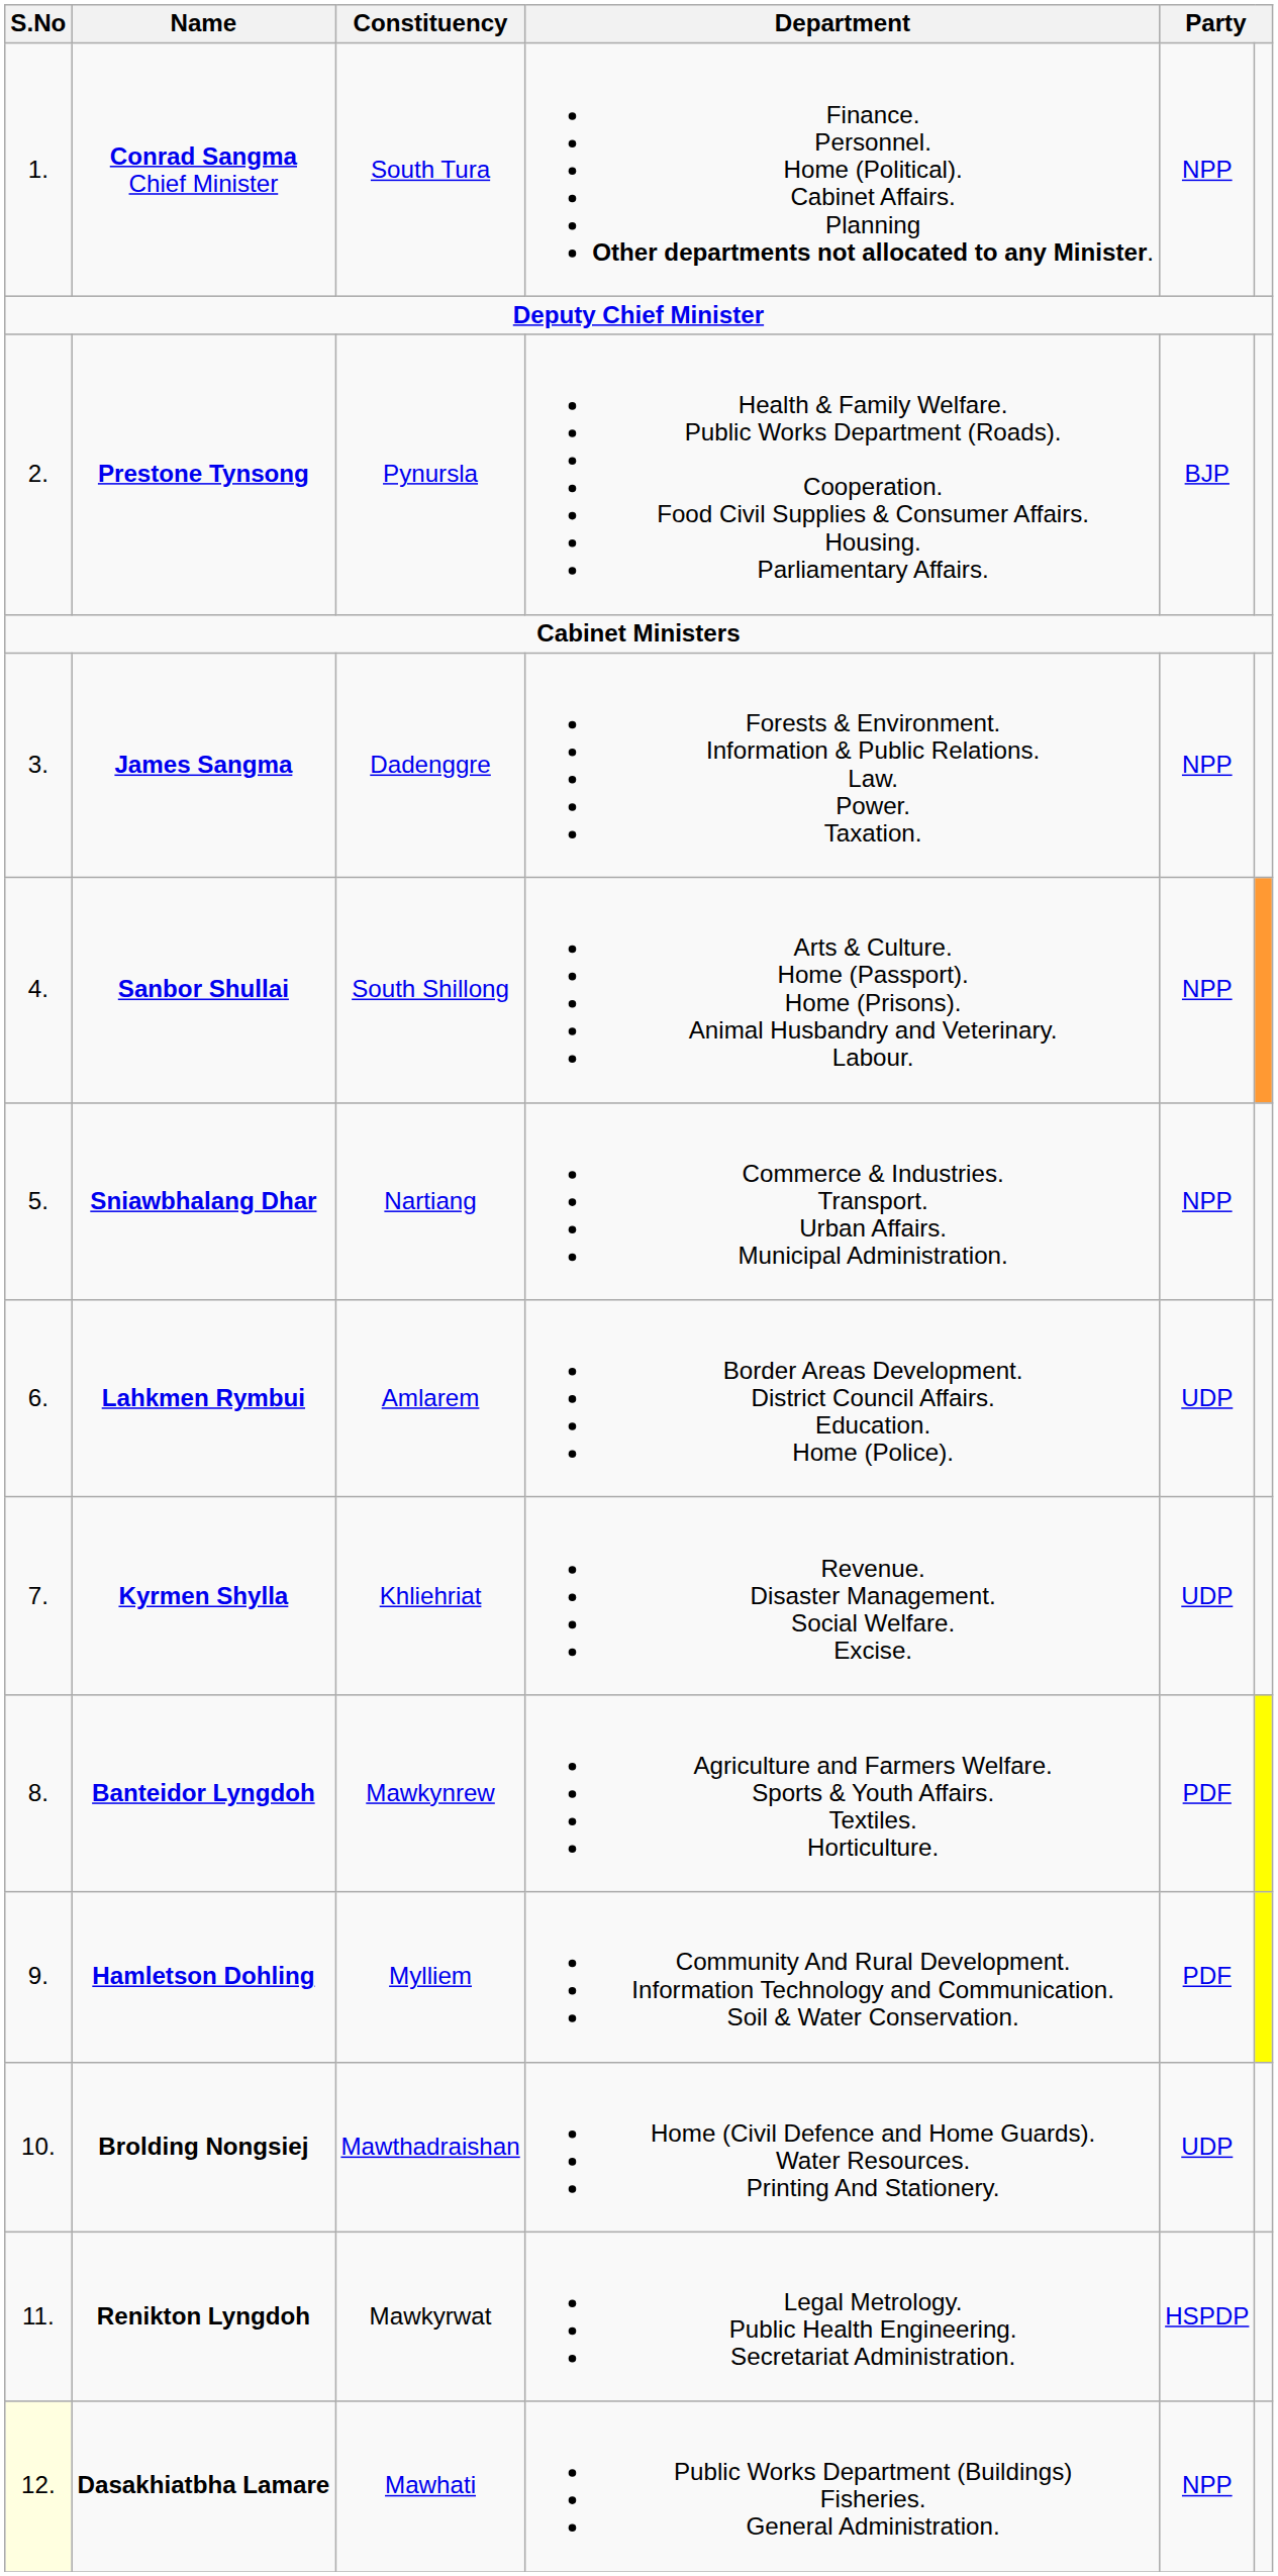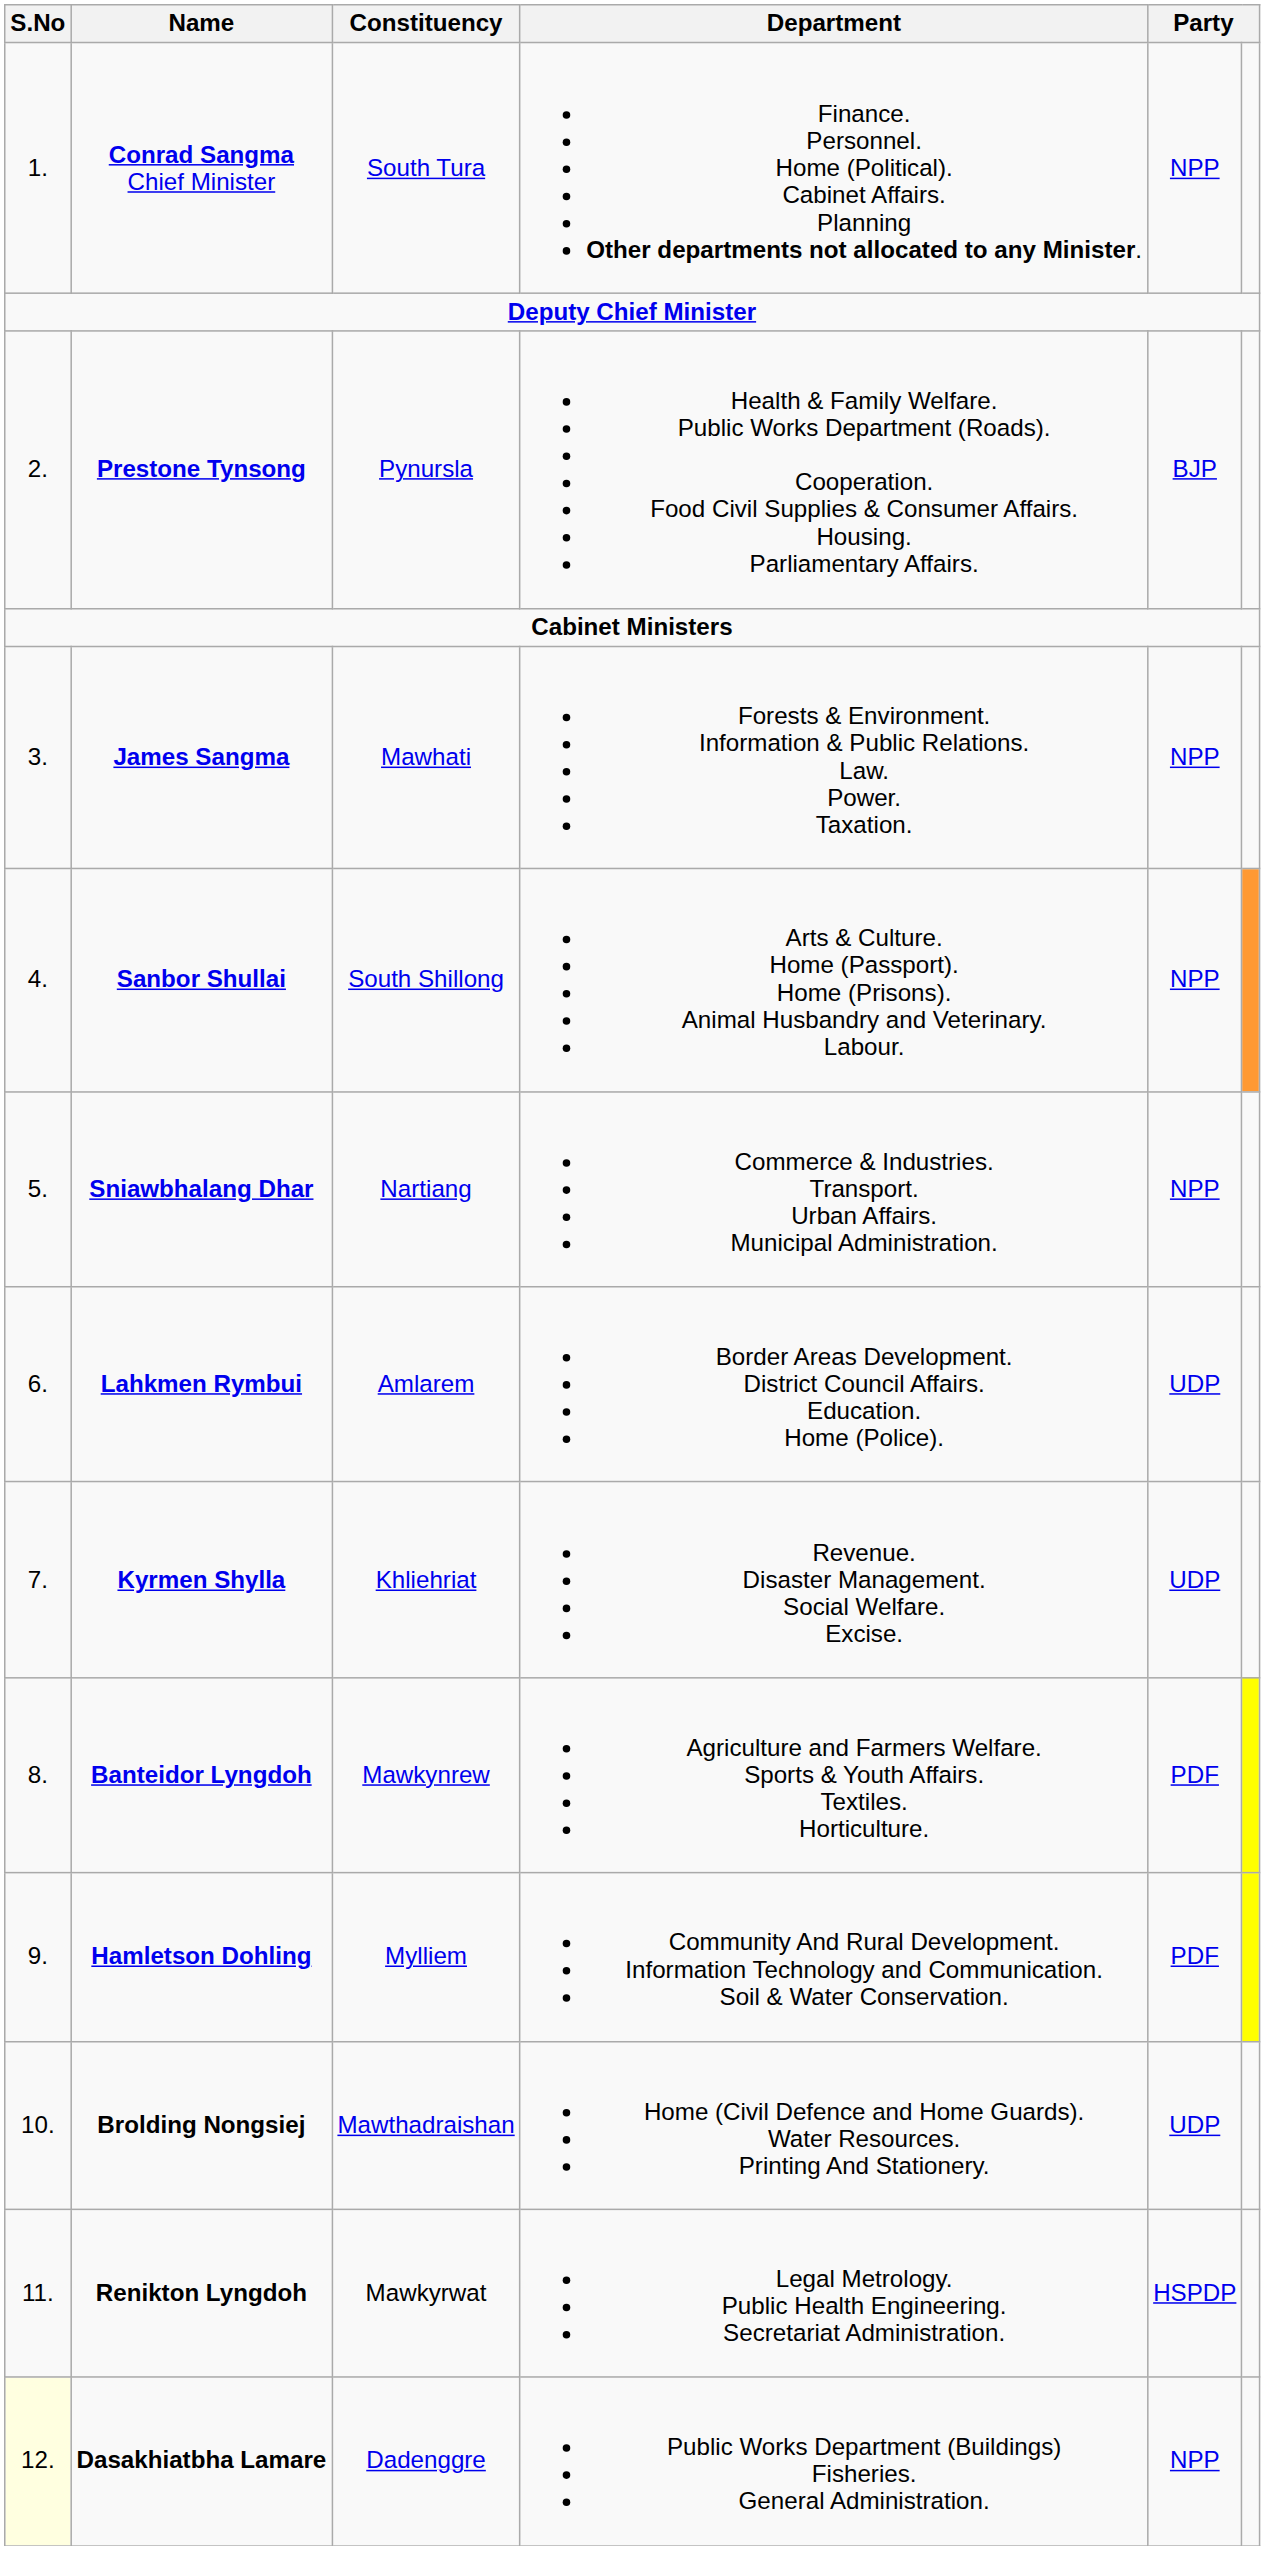 <table class="wikitable sortable" style="text-align:center;">
 <tr>
 <th>S.No</th>
 <th>Name</th>
 <th>Constituency</th>
 <th>Department</th>
 <th colspan="2" scope="col">Party</th>
 </tr>
 <tr>
 <td>1.</td>
 <td><strong><a href='#'>Conrad Sangma</a></strong><br><a href='#'>Chief Minister</a></td>
 <td><a href='#'>South Tura</a></td>
 <td><br><ul><li>Finance.</li><li>Personnel.</li><li>Home (Political).</li><li>Cabinet Affairs.</li><li>Planning</li><li><strong>Other departments not allocated to any Minister</strong>.</li></ul></td>
 <td><a href='#'>NPP</a></td>
 <td width="4px"></td>
 </tr>
 <tr>
 <td style="text-align: center;" colspan=6><strong><a href='#'>Deputy Chief Minister</a></strong></td>
 </tr>
 <tr>
 <td>2.</td>
 <td><strong><a href='#'>Prestone Tynsong</a></strong></td>
 <td><a href='#'>Pynursla</a></td>
 <td><br><ul><li>Health & Family Welfare.</li><li>Public Works Department (Roads).</li><li></li><li>Cooperation.</li><li>Food Civil Supplies & Consumer Affairs.</li><li>Housing.</li><li>Parliamentary Affairs.</li></ul></td>
 <td><a href='#'>BJP</a></td>
 <td width="4px"></td>
 </tr>
 <tr>
 <td style="text-align: center;" colspan=6><strong>Cabinet Ministers</strong></td>
 </tr>
 <tr>
 <td>3.</td>
 <td><strong><a href='#'>James Sangma</a></strong></td>
-<td><a href='#'>Dadenggre</a></td>
+<td><a href='#'>Mawhati</a></td>
 <td><br><ul><li>Forests & Environment.</li><li>Information & Public Relations.</li><li>Law.</li><li>Power.</li><li>Taxation.</li></ul></td>
 <td><a href='#'>NPP</a></td>
 <td width="4px"></td>
 </tr>
 <tr>
 <td>4.</td>
 <td><strong><a href='#'>Sanbor Shullai</a></strong></td>
 <td><a href='#'>South Shillong</a></td>
 <td><br><ul><li>Arts & Culture.</li><li>Home (Passport).</li><li>Home (Prisons).</li><li>Animal Husbandry and Veterinary.</li><li>Labour.</li></ul></td>
 <td><a href='#'>NPP</a></td>
 <td bgcolor=#FF9933></td>
 </tr>
 <tr>
 <td>5.</td>
 <td><strong><a href='#'>Sniawbhalang Dhar</a></strong></td>
 <td><a href='#'>Nartiang</a></td>
 <td><br><ul><li>Commerce & Industries.</li><li>Transport.</li><li>Urban Affairs.</li><li>Municipal Administration.</li></ul></td>
 <td><a href='#'>NPP</a></td>
 <td width="4px"></td>
 </tr>
 <tr>
 <td>6.</td>
 <td><strong><a href='#'>Lahkmen Rymbui</a></strong></td>
 <td><a href='#'>Amlarem</a></td>
 <td><br><ul><li>Border Areas Development.</li><li>District Council Affairs.</li><li>Education.</li><li>Home (Police).</li></ul></td>
 <td><a href='#'>UDP</a></td>
 <td width="4px"></td>
 </tr>
 <tr>
 <td>7.</td>
 <td><strong><a href='#'>Kyrmen Shylla</a></strong></td>
 <td><a href='#'>Khliehriat</a></td>
 <td><br><ul><li>Revenue.</li><li>Disaster Management.</li><li>Social Welfare.</li><li>Excise.</li></ul></td>
 <td><a href='#'>UDP</a></td>
 <td width="4px"></td>
 </tr>
 <tr>
 <td>8.</td>
 <td><strong><a href='#'>Banteidor Lyngdoh</a></strong></td>
 <td><a href='#'>Mawkynrew</a></td>
 <td><br><ul><li>Agriculture and Farmers Welfare.</li><li>Sports & Youth Affairs.</li><li>Textiles.</li><li>Horticulture.</li></ul></td>
 <td><a href='#'>PDF</a></td>
 <td bgcolor=#FFFF00></td>
 </tr>
 <tr>
 <td>9.</td>
 <td><strong><a href='#'>Hamletson Dohling</a></strong></td>
 <td><a href='#'>Mylliem</a></td>
 <td><br><ul><li>Community And Rural Development.</li><li>Information Technology and Communication.</li><li>Soil & Water Conservation.</li></ul></td>
 <td><a href='#'>PDF</a></td>
 <td bgcolor=#FFFF00></td>
 </tr>
 <tr>
 <td>10.</td>
 <td><strong>Brolding Nongsiej</strong></td>
 <td><a href='#'>Mawthadraishan</a></td>
 <td><br><ul><li>Home (Civil Defence and Home Guards).</li><li>Water Resources.</li><li>Printing And Stationery.</li></ul></td>
 <td><a href='#'>UDP</a></td>
 <td width="4px"></td>
 </tr>
 <tr>
 <td>11.</td>
 <td><strong>Renikton Lyngdoh</strong></td>
 <td>Mawkyrwat</td>
 <td><br><ul><li>Legal Metrology.</li><li>Public Health Engineering.</li><li>Secretariat Administration.</li></ul></td>
 <td><a href='#'>HSPDP</a></td>
 <td width="4px"></td>
 </tr>
 <tr>
 <td style="background: lightyellow;">12.</td>
 <td><strong>Dasakhiatbha Lamare</strong></td>
-<td><a href='#'>Mawhati</a></td>
+<td><a href='#'>Dadenggre</a></td>
 <td><br><ul><li>Public Works Department (Buildings)</li><li>Fisheries.</li><li>General Administration.</li></ul></td>
 <td><a href='#'>NPP</a></td>
 <td width="4px"></td>
 </tr>
 </table>
